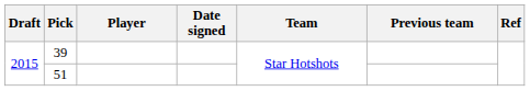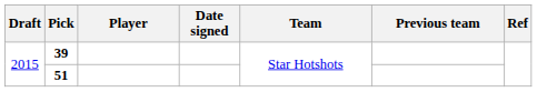 <table class="wikitable sortable" style="text-align:left">
 <tr>
 <th style="width:40px">Draft</th>
 <th style="width:30px">Pick</th>
 <th style="width:170px">Player</th>
 <th style="width:80px">Date signed</th>
 <th style="width:225px">Team</th>
 <th style="width:225px">Previous team</th>
 <th class="unsortbale">Ref</th>
 </tr>
 <tr style="background:#fff;">
 <td style="text-align:center;" rowspan="2"><a href='#'>2015</a></td>
-<td align=center>39</td>
+<td align=center><strong>39</strong></td>
 <td></td>
 <td style="text-align:center"></td>
 <td style="text-align:center;" rowspan="2"><a href='#'>Star Hotshots</a></td>
 <td></td>
 <td style="text-align:center;" rowspan="2"></td>
 </tr>
 <tr style="background:#fff;">
-<td align=center>51</td>
+<td align=center><strong>51</strong></td>
 <td></td>
 <td style="text-align:center"></td>
 <td></td>
 </tr>
 </table>
